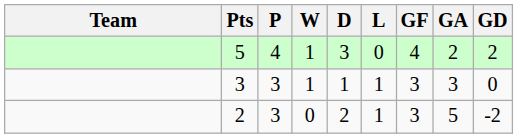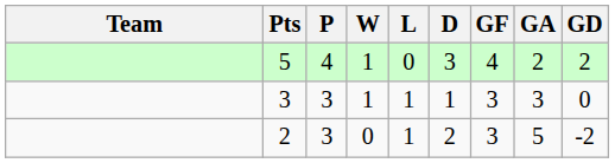 <table class="wikitable" style="text-align: center;">
 <tr>
 <th width="165">Team</th>
 <th width="20">Pts</th>
 <th width="20">P</th>
 <th width="20">W</th>
+<th width="20">L</th>
 <th width="20">D</th>
-<th width="20">L</th>
 <th width="20">GF</th>
 <th width="20">GA</th>
 <th width="20">GD</th>
 </tr>
 <tr bgcolor=ccffcc>
 <td style="text-align:left;"></td>
 <td>5</td>
 <td>4</td>
 <td>1</td>
+<td>0</td>
 <td>3</td>
-<td>0</td>
 <td>4</td>
 <td>2</td>
 <td>2</td>
 </tr>
 <tr>
 <td></td>
 <td>3</td>
 <td>3</td>
 <td>1</td>
 <td>1</td>
 <td>1</td>
 <td>3</td>
 <td>3</td>
 <td>0</td>
 </tr>
 <tr>
 <td></td>
 <td>2</td>
 <td>3</td>
 <td>0</td>
+<td>1</td>
 <td>2</td>
-<td>1</td>
 <td>3</td>
 <td>5</td>
 <td>-2</td>
 </tr>
 </table>
